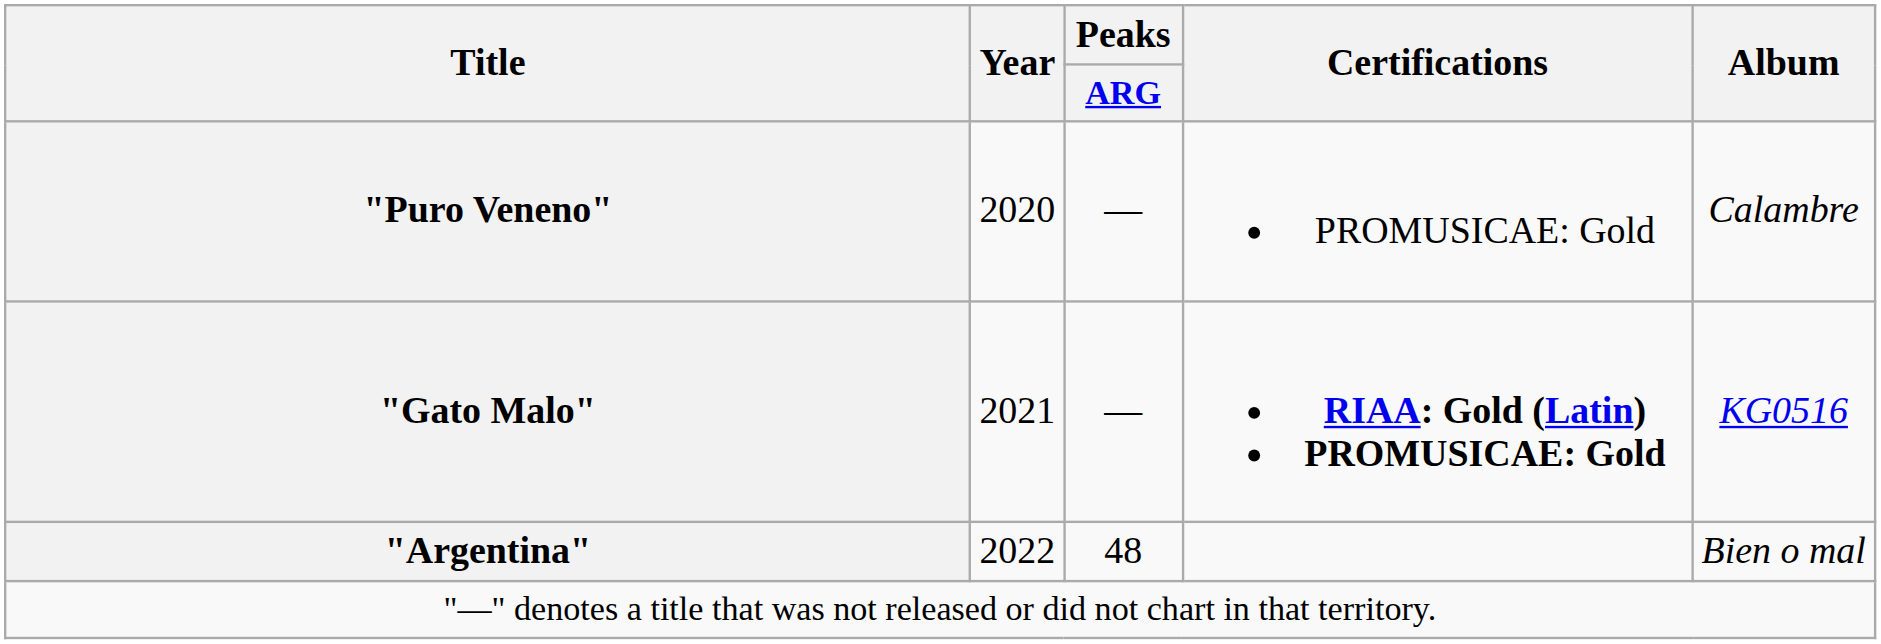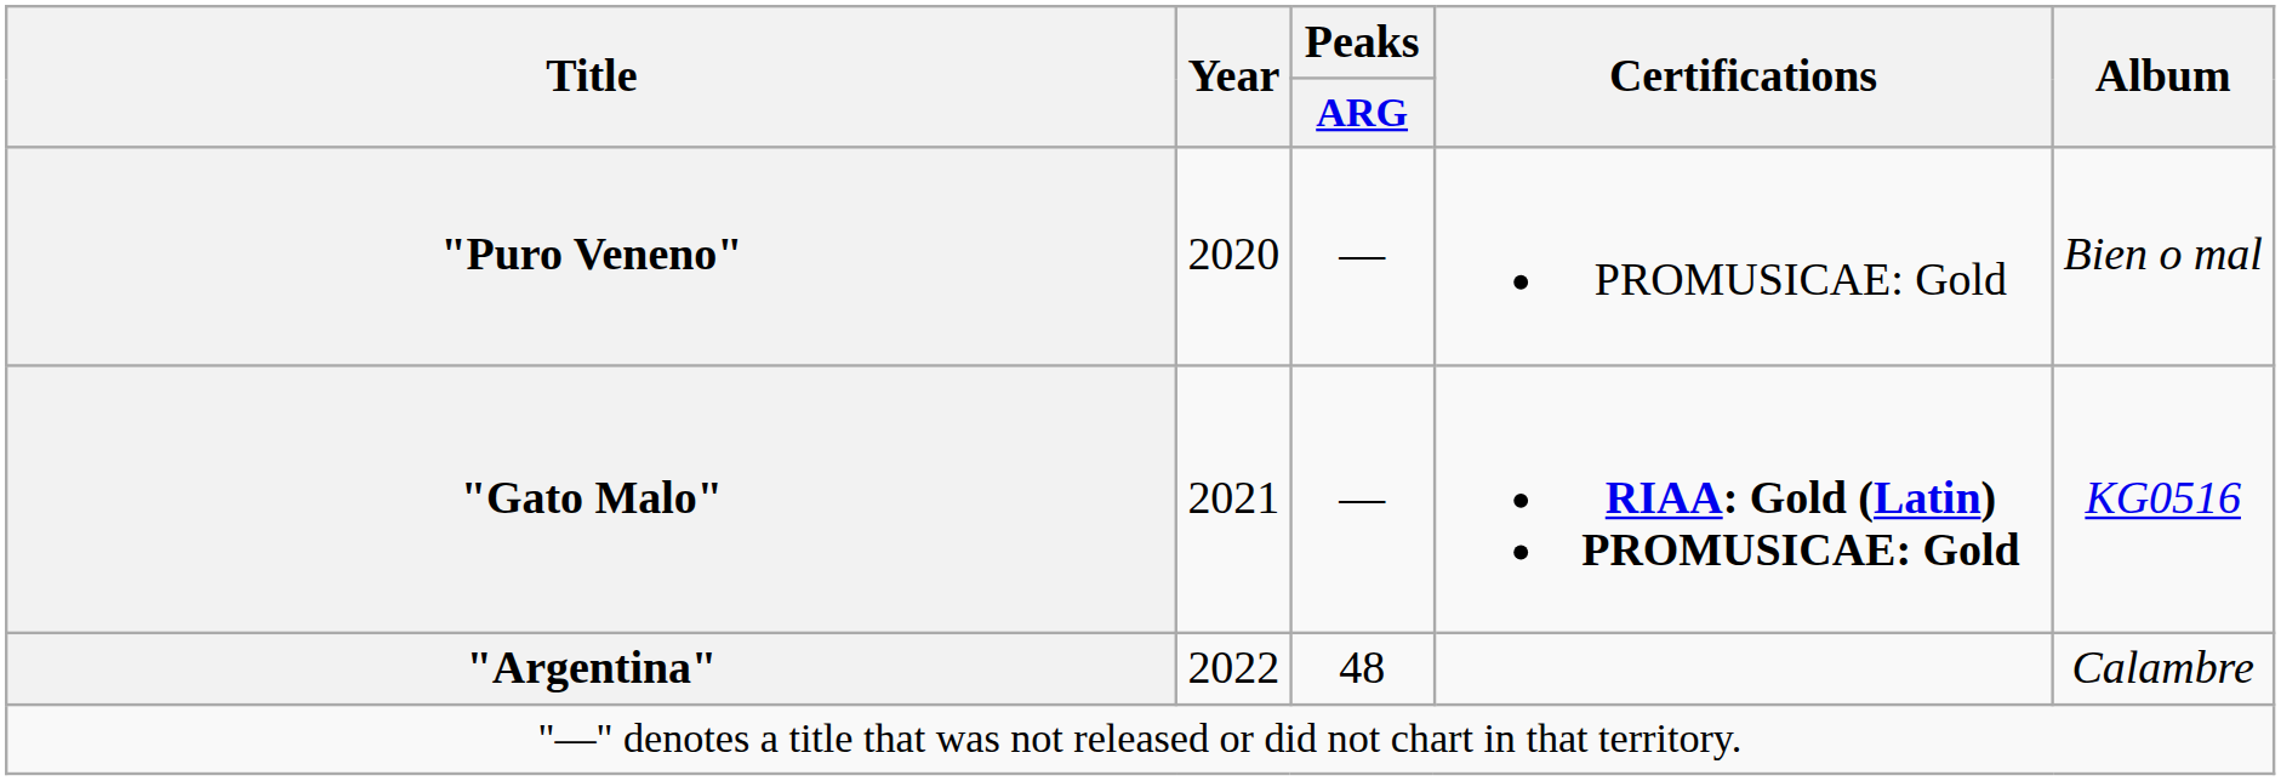 <table class="wikitable plainrowheaders" style="text-align:center">
 <tr>
 <th scope="col" rowspan="2" style="width:25em">Title</th>
 <th scope="col" rowspan="2">Year</th>
 <th scope="col">Peaks</th>
 <th scope="col" rowspan="2" style="width:13em">Certifications</th>
 <th scope="col" rowspan="2">Album</th>
 </tr>
 <tr>
 <th scope="col" style="width:3em;font-size:90%;"><a href='#'>ARG</a><br></th>
 </tr>
 <tr>
 <th scope="row">"Puro Veneno"</th>
 <td>2020</td>
 <td>—</td>
 <td><br><ul><li>PROMUSICAE: Gold</li></ul></td>
-<td><em>Calambre</em></td>
+<td><em>Bien o mal</em></td>
 </tr>
 <tr>
 <th scope="row">"Gato Malo"<br></th>
 <td>2021</td>
 <td>—</td>
 <td><strong><br><ul><li><a href='#'>RIAA</a>: Gold <span>(<a href='#'>Latin</a>)</span></li><li>PROMUSICAE: Gold</li></ul></strong></td>
 <td><em><a href='#'>KG0516</a></em></td>
 </tr>
 <tr>
 <th scope="row">"Argentina"<br></th>
 <td>2022</td>
 <td>48</td>
 <td></td>
-<td><em>Bien o mal</em></td>
+<td><em>Calambre</em></td>
 </tr>
 <tr>
 <td colspan="5" style="font-size:90%">"—" denotes a title that was not released or did not chart in that territory.</td>
 </tr>
 </table>
